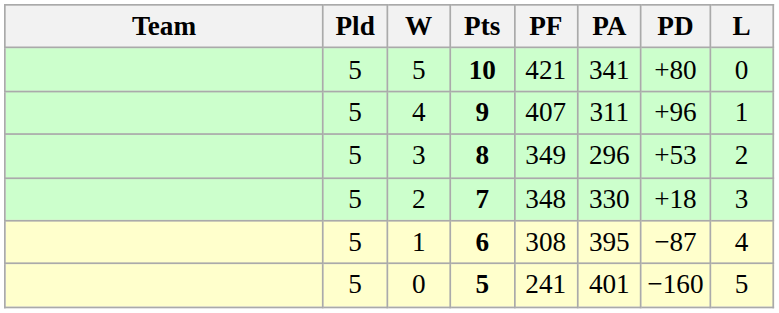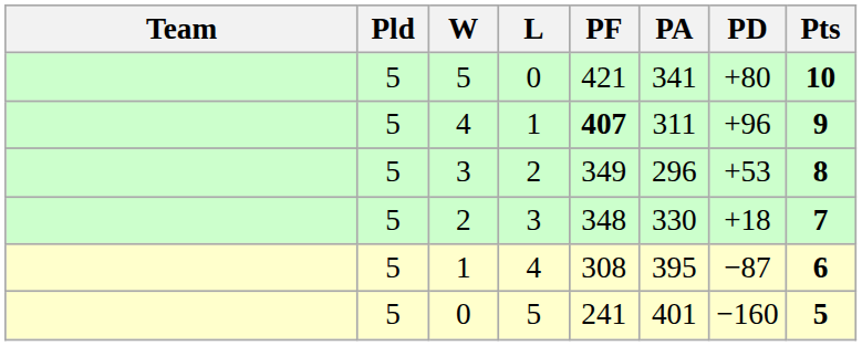 <table class=wikitable style="text-align:center">
 <tr>
 <th width=180>Team</th>
 <th width=30>Pld</th>
 <th width=30>W</th>
-<th width=30>Pts</th>
+<th width=30>L</th>
 <th width=30>PF</th>
 <th width=30>PA</th>
 <th width=30>PD</th>
-<th width=30>L</th>
+<th width=30>Pts</th>
 </tr>
 <tr bgcolor="#ccffcc">
 <td align="left"></td>
 <td>5</td>
 <td>5</td>
-<td><strong>10</strong></td>
+<td>0</td>
 <td>421</td>
 <td>341</td>
 <td>+80</td>
-<td>0</td>
+<td><strong>10</strong></td>
 </tr>
 <tr bgcolor="#ccffcc">
 <td align="left"></td>
 <td>5</td>
 <td>4</td>
-<td><strong>9</strong></td>
-<td>407</td>
+<td>1</td>
+<td><strong>407</strong></td>
 <td>311</td>
 <td>+96</td>
-<td>1</td>
+<td><strong>9</strong></td>
 </tr>
 <tr bgcolor="#ccffcc">
 <td align="left"></td>
 <td>5</td>
 <td>3</td>
-<td><strong>8</strong></td>
+<td>2</td>
 <td>349</td>
 <td>296</td>
 <td>+53</td>
-<td>2</td>
+<td><strong>8</strong></td>
 </tr>
 <tr bgcolor="#ccffcc">
 <td align="left"></td>
 <td>5</td>
 <td>2</td>
-<td><strong>7</strong></td>
+<td>3</td>
 <td>348</td>
 <td>330</td>
 <td>+18</td>
-<td>3</td>
+<td><strong>7</strong></td>
 </tr>
 <tr bgcolor="#ffffcc">
 <td align="left"></td>
 <td>5</td>
 <td>1</td>
-<td><strong>6</strong></td>
+<td>4</td>
 <td>308</td>
 <td>395</td>
 <td>−87</td>
-<td>4</td>
+<td><strong>6</strong></td>
 </tr>
 <tr bgcolor="#ffffcc">
 <td align="left"></td>
 <td>5</td>
 <td>0</td>
-<td><strong>5</strong></td>
+<td>5</td>
 <td>241</td>
 <td>401</td>
 <td>−160</td>
-<td>5</td>
+<td><strong>5</strong></td>
 </tr>
 </table>
